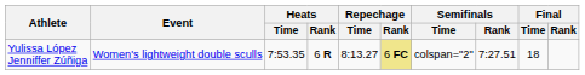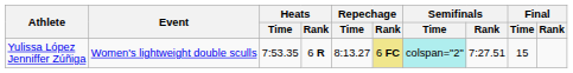 <table class="wikitable" style="font-size:90%">
 <tr>
 <th rowspan="2">Athlete</th>
 <th rowspan="2">Event</th>
 <th colspan="2">Heats</th>
 <th colspan="2">Repechage</th>
 <th colspan="2">Semifinals</th>
 <th colspan="2">Final</th>
 </tr>
 <tr style="font-size:95%">
 <th>Time</th>
 <th>Rank</th>
 <th>Time</th>
 <th>Rank</th>
 <th>Time</th>
 <th>Rank</th>
 <th>Time</th>
 <th>Rank</th>
 </tr>
 <tr align=center>
 <td align=left><a href='#'>Yulissa López</a><br><a href='#'>Jenniffer Zúñiga</a></td>
 <td align=left><a href='#'>Women's lightweight double sculls</a></td>
 <td>7:53.35</td>
 <td>6 <strong>R</strong></td>
 <td>8:13.27</td>
 <td style="background: khaki;">6 <strong>FC</strong></td>
-<td>colspan="2" </td>
+<td style="background: paleturquoise;">colspan="2" </td>
 <td>7:27.51</td>
-<td>18</td>
+<td>15</td>
 </tr>
 </table>
